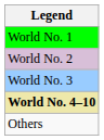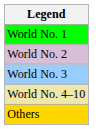 <table class="wikitable" style="font-size:90%">
 <tr>
 <th>Legend</th>
 </tr>
 <tr bgcolor=lime>
 <td>World No. 1</td>
 </tr>
 <tr bgcolor=thistle>
 <td>World No. 2</td>
 </tr>
 <tr bgcolor=#9cf>
 <td>World No. 3</td>
 </tr>
 <tr bgcolor=eee8aa>
-<td><strong>World No. 4–10</strong></td>
+<td>World No. 4–10</td>
 </tr>
 <tr>
-<td>Others</td>
+<td style="background: gold;">Others</td>
 </tr>
 </table>
